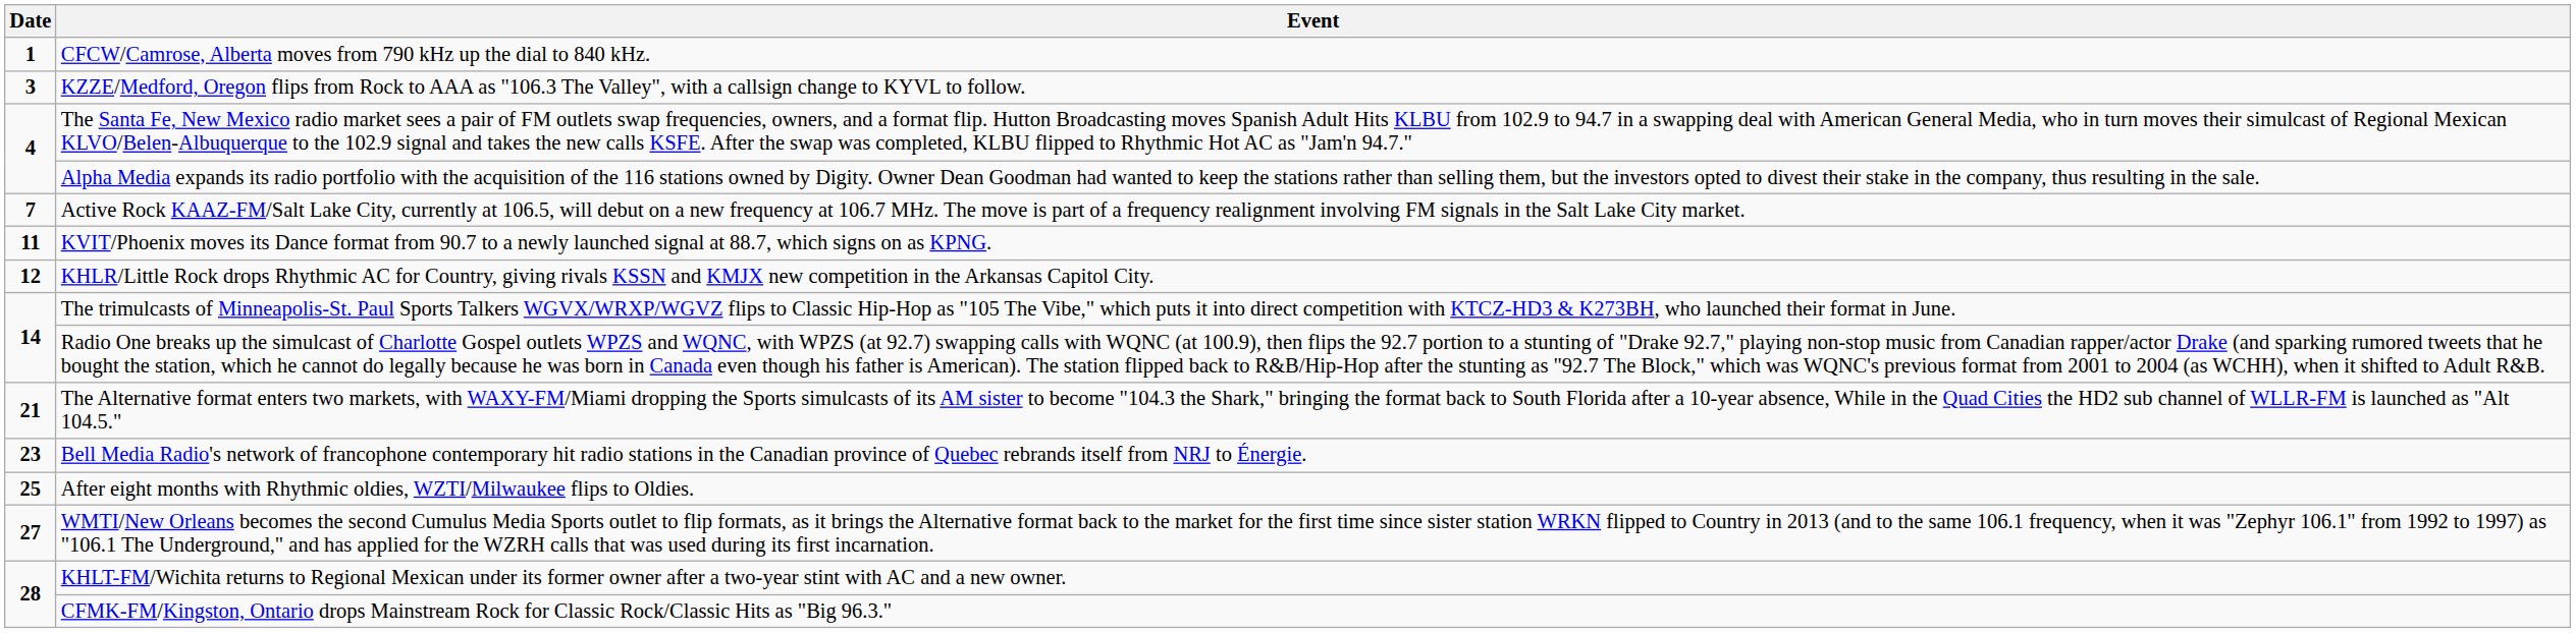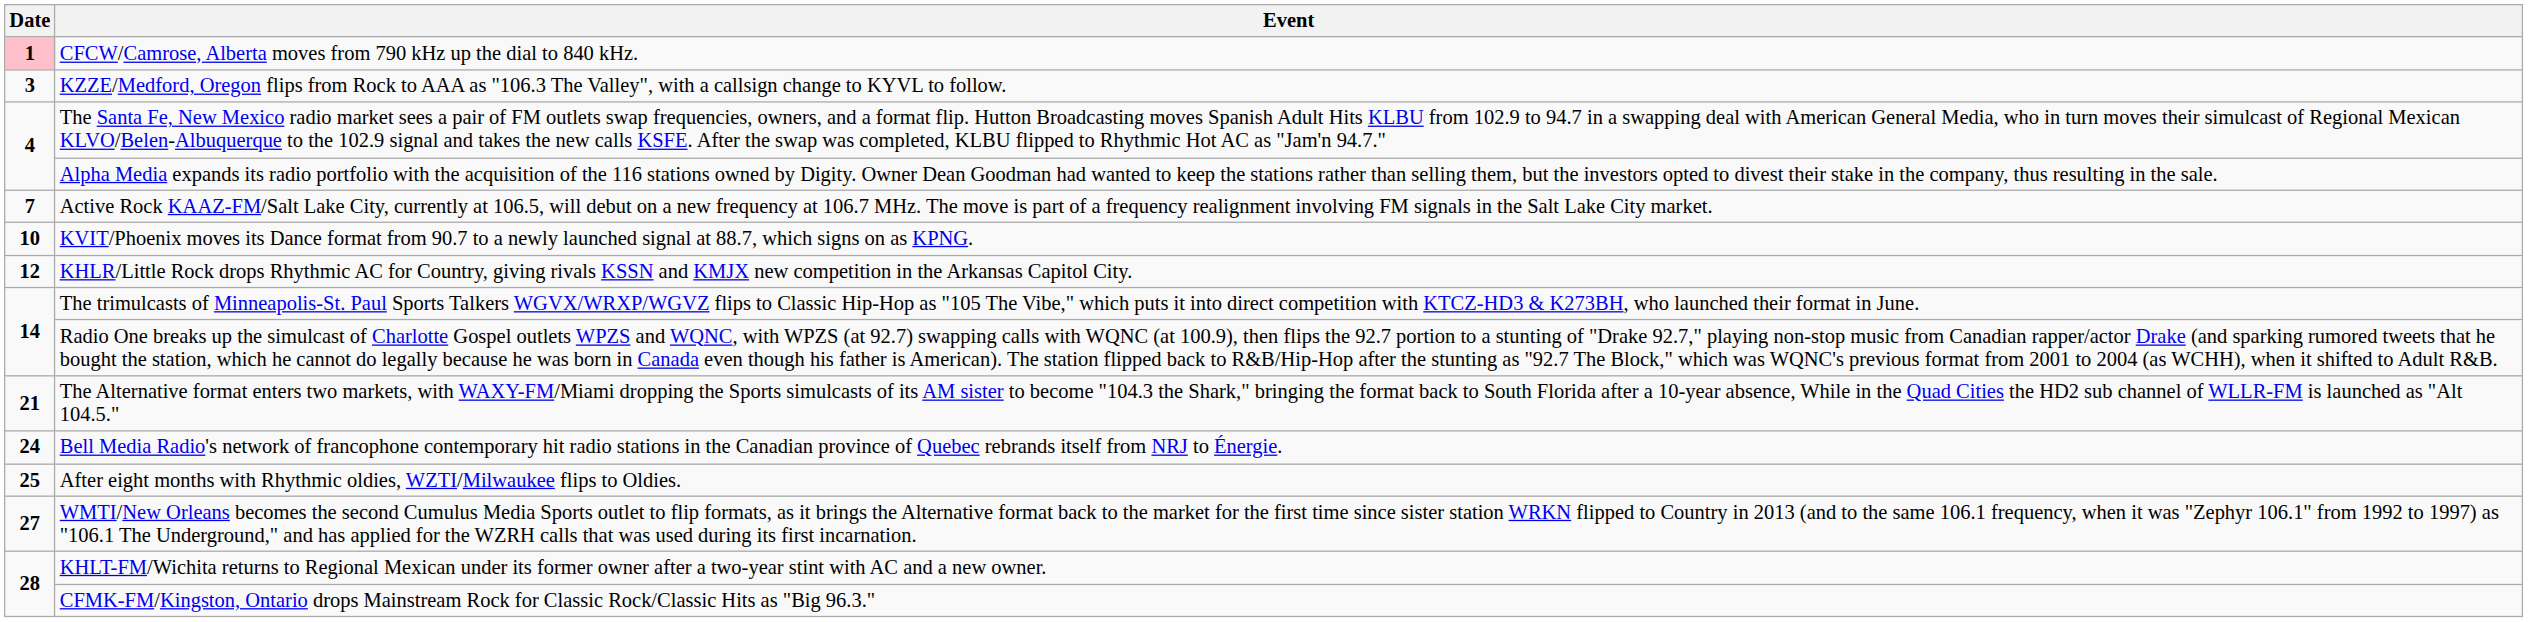 <table class="wikitable">
 <tr>
 <th>Date</th>
 <th>Event</th>
 </tr>
 <tr>
-<td Style="text-align:center"><strong>1</strong></td>
+<td Style="background: pink; text-align:center"><strong>1</strong></td>
 <td><a href='#'>CFCW</a>/<a href='#'>Camrose, Alberta</a> moves from 790 kHz up the dial to 840 kHz.</td>
 </tr>
 <tr>
 <td Style="text-align:center"><strong>3</strong></td>
 <td><a href='#'>KZZE</a>/<a href='#'>Medford, Oregon</a> flips from Rock to AAA as "106.3 The Valley", with a callsign change to KYVL to follow.</td>
 </tr>
 <tr>
 <td Style="text-align:center;" rowspan=2><strong>4</strong></td>
 <td>The <a href='#'>Santa Fe, New Mexico</a> radio market sees a pair of FM outlets swap frequencies, owners, and a format flip. Hutton Broadcasting moves Spanish Adult Hits <a href='#'>KLBU</a> from 102.9 to 94.7 in a swapping deal with American General Media, who in turn moves their simulcast of Regional Mexican <a href='#'>KLVO</a>/<a href='#'>Belen</a>-<a href='#'>Albuquerque</a> to the 102.9 signal and takes the new calls <a href='#'>KSFE</a>. After the swap was completed, KLBU flipped to Rhythmic Hot AC as "Jam'n 94.7."</td>
 </tr>
 <tr>
 <td><a href='#'>Alpha Media</a> expands its radio portfolio with the acquisition of the 116 stations owned by Digity. Owner Dean Goodman had wanted to keep the stations rather than selling them, but the investors opted to divest their stake in the company, thus resulting in the sale.</td>
 </tr>
 <tr>
 <td Style="text-align:center;"><strong>7</strong></td>
 <td>Active Rock <a href='#'>KAAZ-FM</a>/Salt Lake City, currently at 106.5, will debut on a new frequency at 106.7 MHz. The move is part of a frequency realignment involving FM signals in the Salt Lake City market.</td>
 </tr>
 <tr>
-<td Style="text-align:center;"><strong>11</strong></td>
+<td Style="text-align:center;"><strong>10</strong></td>
 <td><a href='#'>KVIT</a>/Phoenix moves its Dance format from 90.7 to a newly launched signal at 88.7, which signs on as <a href='#'>KPNG</a>.</td>
 </tr>
 <tr>
 <td Style="text-align:center;"><strong>12</strong></td>
 <td><a href='#'>KHLR</a>/Little Rock drops Rhythmic AC for Country, giving rivals <a href='#'>KSSN</a> and <a href='#'>KMJX</a> new competition in the Arkansas Capitol City.</td>
 </tr>
 <tr>
 <td style="text-align:center" rowspan=2><strong>14</strong></td>
 <td>The trimulcasts of <a href='#'>Minneapolis-St. Paul</a> Sports Talkers <a href='#'>WGVX/WRXP/WGVZ</a> flips to Classic Hip-Hop as "105 The Vibe," which puts it into direct competition with <a href='#'>KTCZ-HD3 & K273BH</a>, who launched their format in June.</td>
 </tr>
 <tr>
 <td>Radio One breaks up the simulcast of <a href='#'>Charlotte</a> Gospel outlets <a href='#'>WPZS</a> and <a href='#'>WQNC</a>, with WPZS (at 92.7) swapping calls with WQNC (at 100.9), then flips the 92.7 portion to a stunting of "Drake 92.7," playing non-stop music from Canadian rapper/actor <a href='#'>Drake</a> (and sparking rumored tweets that he bought the station, which he cannot do legally because he was born in <a href='#'>Canada</a> even though his father is American). The station flipped back to R&B/Hip-Hop after the stunting as "92.7 The Block," which was WQNC's previous format from 2001 to 2004 (as WCHH), when it shifted to Adult R&B.</td>
 </tr>
 <tr>
 <td Style="text-align:center;"><strong>21</strong></td>
 <td>The Alternative format enters two markets, with <a href='#'>WAXY-FM</a>/Miami dropping the Sports simulcasts of its <a href='#'>AM sister</a> to become "104.3 the Shark," bringing the format back to South Florida after a 10-year absence, While in the <a href='#'>Quad Cities</a> the HD2 sub channel of <a href='#'>WLLR-FM</a> is launched as "Alt 104.5."</td>
 </tr>
 <tr>
-<td Style="text-align:center;"><strong>23</strong></td>
+<td Style="text-align:center;"><strong>24</strong></td>
 <td><a href='#'>Bell Media Radio</a>'s network of francophone contemporary hit radio stations in the Canadian province of <a href='#'>Quebec</a> rebrands itself from <a href='#'>NRJ</a> to <a href='#'>Énergie</a>.</td>
 </tr>
 <tr>
 <td Style="text-align:center;"><strong>25</strong></td>
 <td>After eight months with Rhythmic oldies, <a href='#'>WZTI</a>/<a href='#'>Milwaukee</a> flips to Oldies.</td>
 </tr>
 <tr>
 <td Style="text-align:center;"><strong>27</strong></td>
 <td><a href='#'>WMTI</a>/<a href='#'>New Orleans</a> becomes the second Cumulus Media Sports outlet to flip formats, as it brings the Alternative format back to the market for the first time since sister station <a href='#'>WRKN</a> flipped to Country in 2013 (and to the same 106.1 frequency, when it was "Zephyr 106.1" from 1992 to 1997) as "106.1 The Underground," and has applied for the WZRH calls that was used during its first incarnation.</td>
 </tr>
 <tr>
 <td style="text-align:center" rowspan=2><strong>28</strong></td>
 <td><a href='#'>KHLT-FM</a>/Wichita returns to Regional Mexican under its former owner after a two-year stint with AC and a new owner.</td>
 </tr>
 <tr>
 <td><a href='#'>CFMK-FM</a>/<a href='#'>Kingston, Ontario</a> drops Mainstream Rock for Classic Rock/Classic Hits as "Big 96.3."</td>
 </tr>
 </table>
